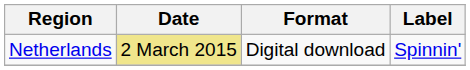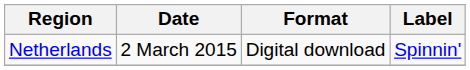 <table class=wikitable>
 <tr>
 <th>Region</th>
 <th>Date</th>
 <th>Format</th>
 <th>Label</th>
 </tr>
 <tr>
 <td><a href='#'>Netherlands</a></td>
-<td style="background: khaki;">2 March 2015</td>
+<td>2 March 2015</td>
 <td>Digital download</td>
 <td><a href='#'>Spinnin'</a></td>
 </tr>
 <tr>
 </tr>
 </table>
